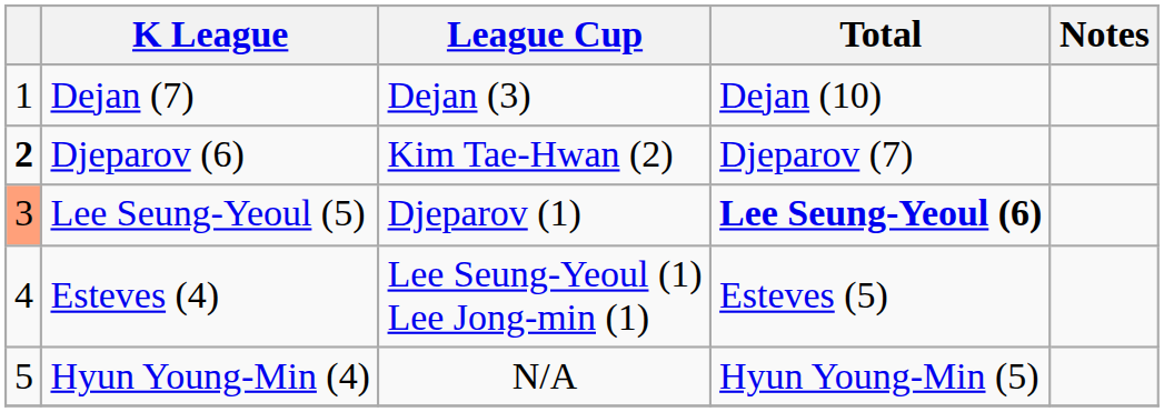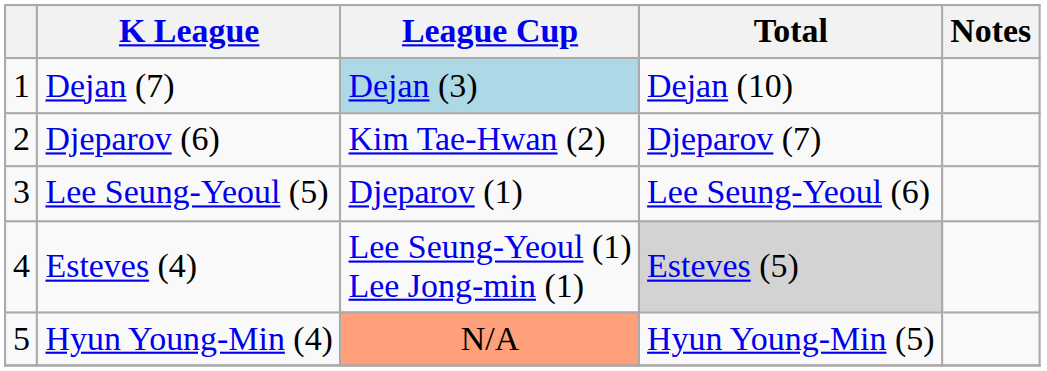 <table class="wikitable" style="text-align:center">
 <tr>
 <th></th>
 <th><a href='#'>K League</a></th>
 <th><a href='#'>League Cup</a></th>
 <th>Total</th>
 <th>Notes</th>
 </tr>
 <tr>
 <td>1</td>
 <td align=left> <a href='#'>Dejan</a> (7)</td>
-<td align=left> <a href='#'>Dejan</a> (3)</td>
+<td align=left style="background: lightblue;"> <a href='#'>Dejan</a> (3)</td>
 <td align=left> <a href='#'>Dejan</a> (10)</td>
 <td></td>
 </tr>
 <tr>
-<td><strong>2</strong></td>
+<td>2</td>
 <td align=left> <a href='#'>Djeparov</a> (6)</td>
 <td align=left> <a href='#'>Kim Tae-Hwan</a> (2)</td>
 <td align=left> <a href='#'>Djeparov</a> (7)</td>
 <td></td>
 </tr>
 <tr>
-<td style="background: lightsalmon;">3</td>
+<td>3</td>
 <td align=left> <a href='#'>Lee Seung-Yeoul</a> (5)</td>
 <td align=left> <a href='#'>Djeparov</a> (1)</td>
-<td align=left><strong> <a href='#'>Lee Seung-Yeoul</a> (6)</strong></td>
+<td align=left> <a href='#'>Lee Seung-Yeoul</a> (6)</td>
 <td></td>
 </tr>
 <tr>
 <td>4</td>
 <td align=left> <a href='#'>Esteves</a> (4)</td>
 <td align=left> <a href='#'>Lee Seung-Yeoul</a> (1) <br>  <a href='#'>Lee Jong-min</a> (1)</td>
-<td align=left> <a href='#'>Esteves</a> (5)</td>
+<td align=left style="background: lightgrey;"> <a href='#'>Esteves</a> (5)</td>
 <td></td>
 </tr>
 <tr>
 <td>5</td>
 <td align=left> <a href='#'>Hyun Young-Min</a> (4)</td>
-<td>N/A</td>
+<td style="background: lightsalmon;">N/A</td>
 <td align=left> <a href='#'>Hyun Young-Min</a> (5)</td>
 <td></td>
 </tr>
 <tr>
 </tr>
 </table>
